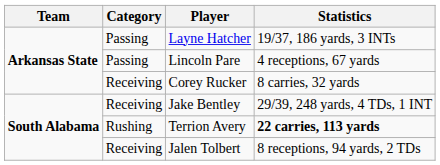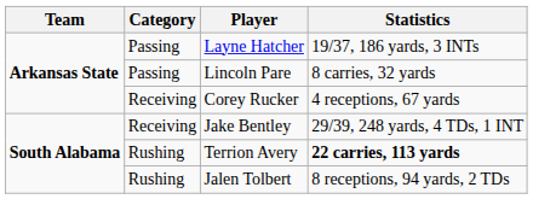 <table class="wikitable" style="float: left;">
 <tr>
 <th>Team</th>
 <th>Category</th>
 <th>Player</th>
 <th>Statistics</th>
 </tr>
 <tr>
 <td rowspan=3><strong>Arkansas State</strong></td>
 <td>Passing</td>
 <td><a href='#'>Layne Hatcher</a></td>
 <td>19/37, 186 yards, 3 INTs</td>
 </tr>
 <tr>
 <td>Passing</td>
 <td>Lincoln Pare</td>
-<td>4 receptions, 67 yards</td>
+<td>8 carries, 32 yards</td>
 </tr>
 <tr>
 <td>Receiving</td>
 <td>Corey Rucker</td>
-<td>8 carries, 32 yards</td>
+<td>4 receptions, 67 yards</td>
 </tr>
 <tr>
 <td rowspan=3><strong>South Alabama</strong></td>
 <td>Receiving</td>
 <td>Jake Bentley</td>
 <td>29/39, 248 yards, 4 TDs, 1 INT</td>
 </tr>
 <tr>
 <td>Rushing</td>
 <td>Terrion Avery</td>
 <td><strong>22 carries, 113 yards</strong></td>
 </tr>
 <tr>
-<td>Receiving</td>
+<td>Rushing</td>
 <td>Jalen Tolbert</td>
 <td>8 receptions, 94 yards, 2 TDs</td>
 </tr>
 </table>
